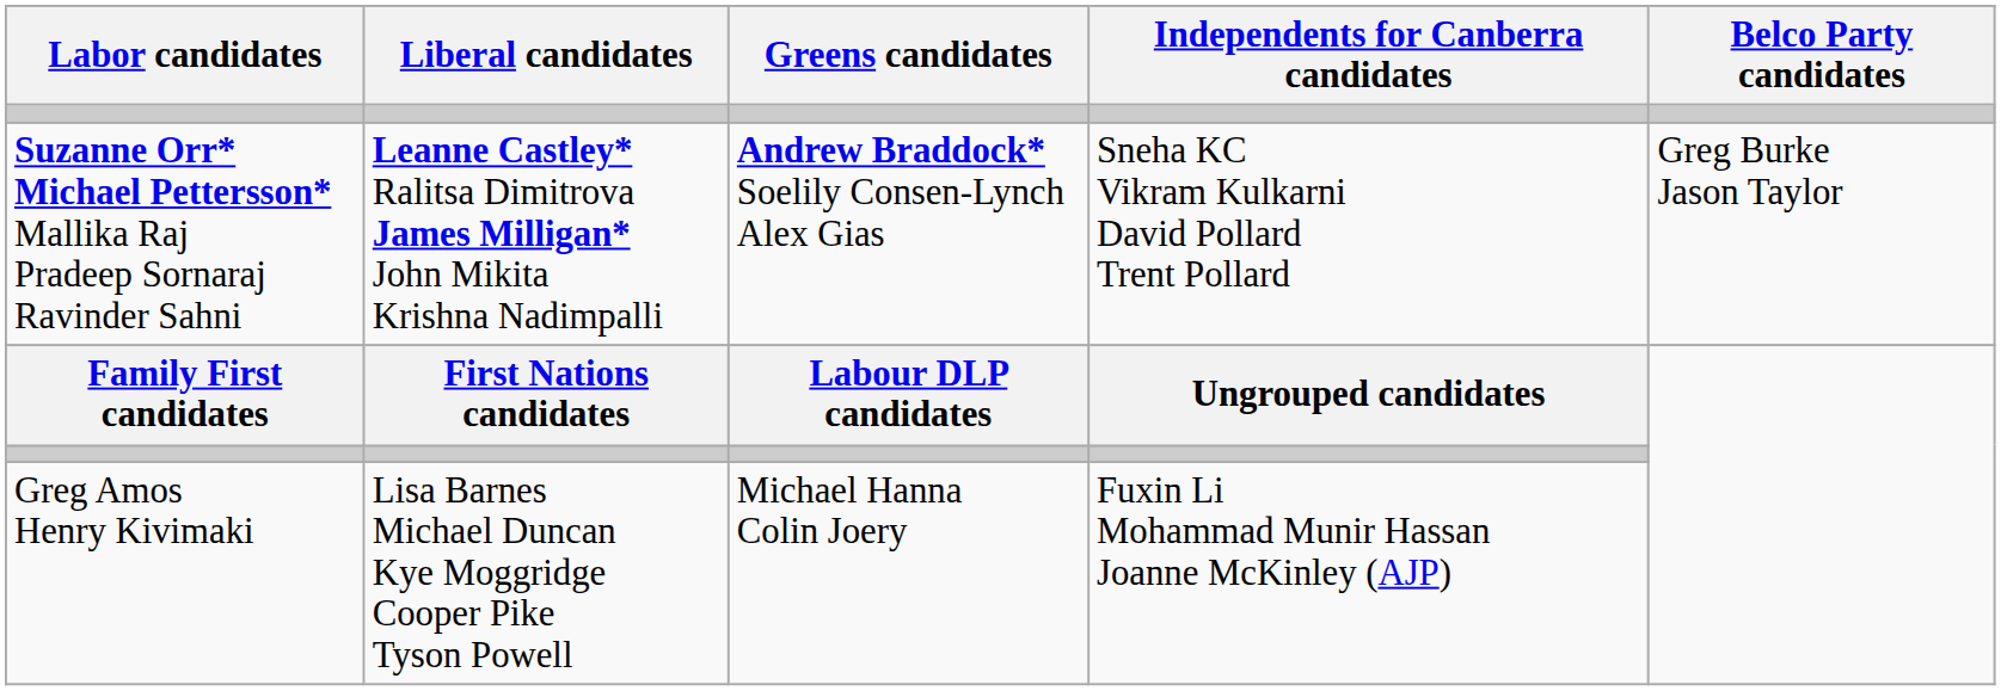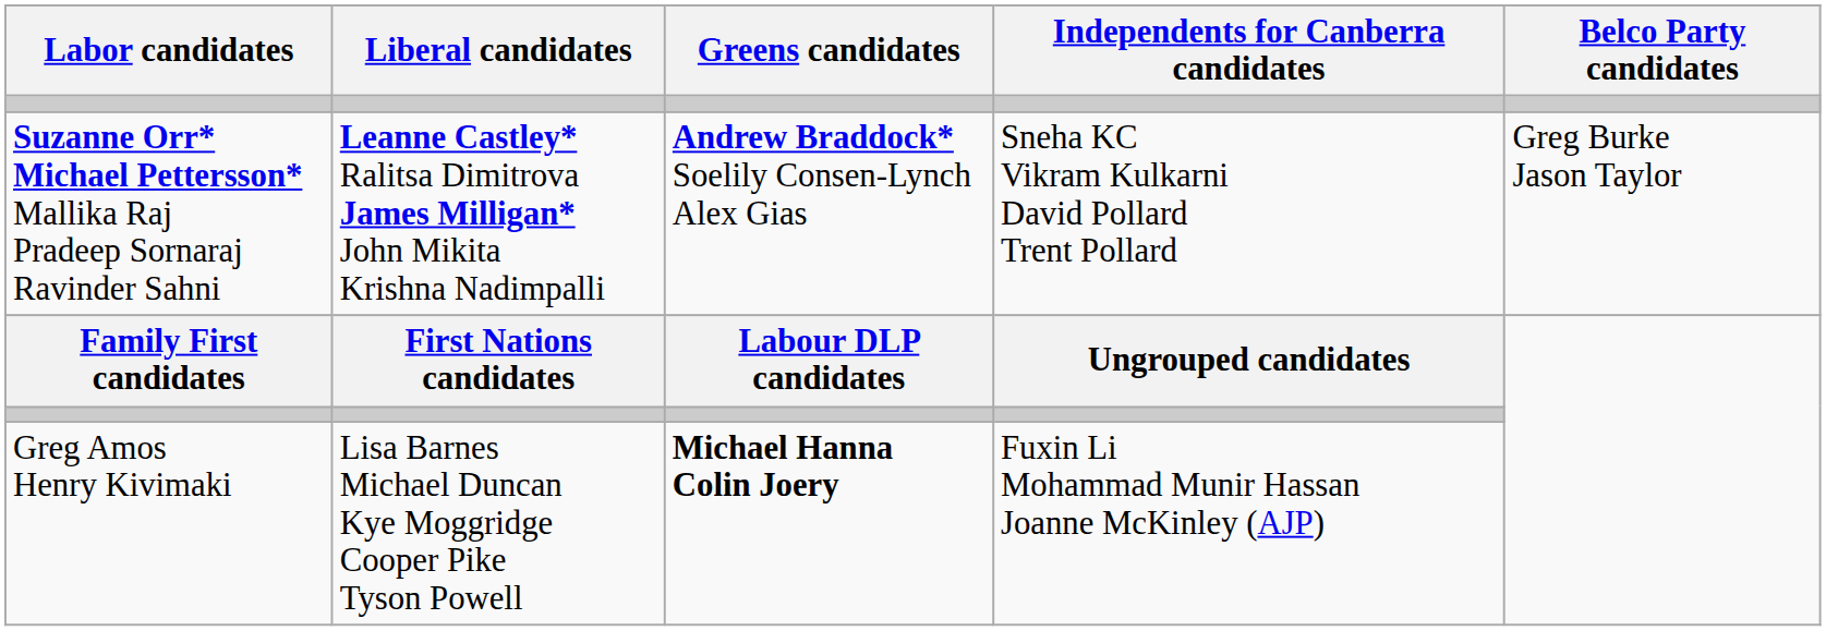 <table class="wikitable">
 <tr>
 <th><a href='#'>Labor</a> candidates</th>
 <th><a href='#'>Liberal</a> candidates</th>
 <th><a href='#'>Greens</a> candidates</th>
 <th><a href='#'>Independents for Canberra</a> candidates</th>
 <th><a href='#'>Belco Party</a> candidates</th>
 </tr>
 <tr bgcolor="#cccccc">
 <td></td>
 <td></td>
 <td></td>
 <td></td>
 <td></td>
 </tr>
 <tr>
 <td valign=top><strong><a href='#'>Suzanne Orr*</a></strong><br><strong><a href='#'>Michael Pettersson*</a></strong><br>Mallika Raj<br>Pradeep Sornaraj<br>Ravinder Sahni</td>
 <td valign=top><strong><a href='#'>Leanne Castley*</a></strong><br>Ralitsa Dimitrova<br><strong><a href='#'>James Milligan*</a></strong><br>John Mikita<br>Krishna Nadimpalli</td>
 <td valign=top><strong><a href='#'>Andrew Braddock*</a></strong><br>Soelily Consen-Lynch<br>Alex Gias</td>
 <td valign=top>Sneha KC<br>Vikram Kulkarni<br>David Pollard<br>Trent Pollard</td>
 <td valign=top>Greg Burke<br>Jason Taylor</td>
 </tr>
 <tr bgcolor="#cccccc">
 <th><a href='#'>Family First</a> candidates</th>
 <th><a href='#'>First Nations</a> candidates</th>
 <th><a href='#'>Labour DLP</a> candidates</th>
 <th>Ungrouped candidates</th>
 </tr>
 <tr bgcolor="#cccccc">
 <td></td>
 <td></td>
 <td></td>
 <td></td>
 </tr>
 <tr>
 <td valign=top>Greg Amos<br>Henry Kivimaki</td>
 <td valign=top>Lisa Barnes<br>Michael Duncan<br>Kye Moggridge<br>Cooper Pike<br>Tyson Powell</td>
-<td valign=top>Michael Hanna<br>Colin Joery</td>
+<td valign=top><strong>Michael Hanna<br>Colin Joery</strong></td>
 <td valign=top>Fuxin Li<br>Mohammad Munir Hassan<br>Joanne McKinley (<a href='#'>AJP</a>)</td>
 </tr>
 </table>
